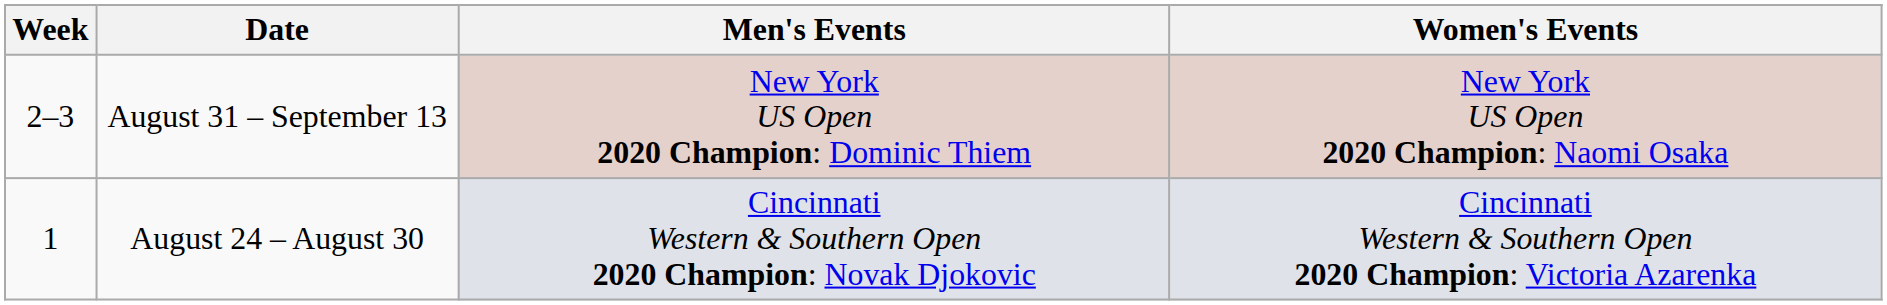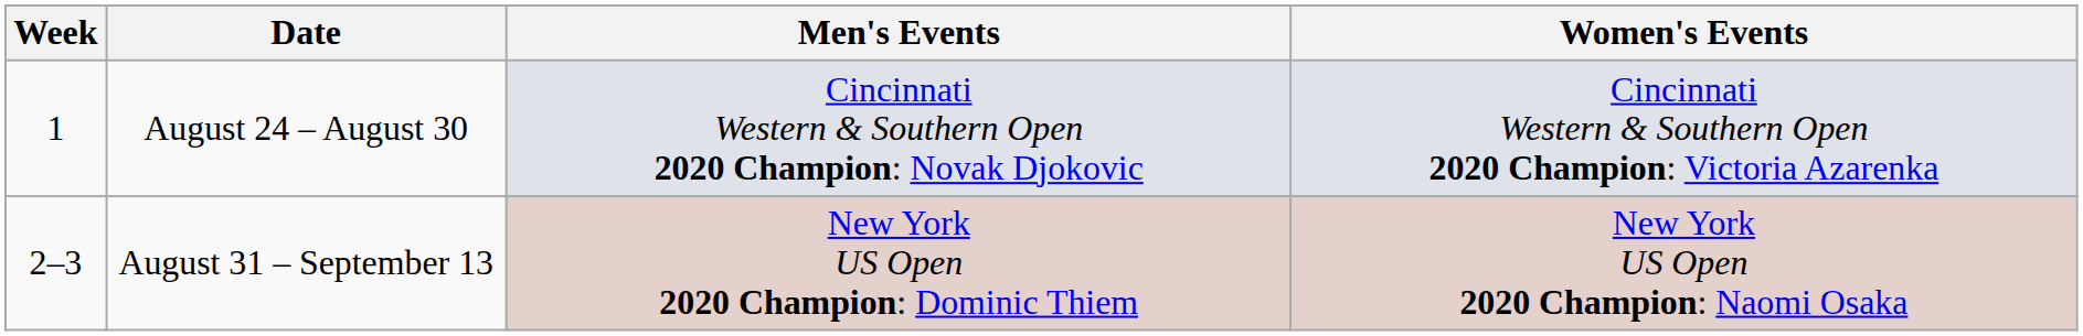 <table class="wikitable">
 <tr>
 <th width=30>Week</th>
 <th width=175>Date</th>
 <th width=350>Men's Events</th>
 <th width=350>Women's Events</th>
 </tr>
 <tr align=center>
+<td>1</td>
+<td>August 24 – August 30</td>
+<td bgcolor="#dfe2e9"><a href='#'>Cincinnati</a><br><em>Western & Southern Open</em><br><strong>2020 Champion</strong>:  <a href='#'>Novak Djokovic</a></td>
+<td bgcolor=#dfe2e9><a href='#'>Cincinnati</a><br><em>Western & Southern Open</em><br><strong>2020 Champion</strong>:  <a href='#'>Victoria Azarenka</a></td>
+</tr>
+<tr align=center>
 <td>2–3</td>
 <td>August 31 – September 13</td>
 <td bgcolor="#e5d1cb"><a href='#'>New York</a><br> <em>US Open</em><br><strong>2020 Champion</strong>:  <a href='#'>Dominic Thiem</a></td>
 <td bgcolor="e5d1cb"><a href='#'>New York</a><br> <em>US Open</em><br><strong>2020 Champion</strong>:  <a href='#'>Naomi Osaka</a></td>
 </tr>
-<tr align=center>
-<td>1</td>
-<td>August 24 – August 30</td>
-<td bgcolor="#dfe2e9"><a href='#'>Cincinnati</a><br><em>Western & Southern Open</em><br><strong>2020 Champion</strong>:  <a href='#'>Novak Djokovic</a></td>
-<td bgcolor=#dfe2e9><a href='#'>Cincinnati</a><br><em>Western & Southern Open</em><br><strong>2020 Champion</strong>:  <a href='#'>Victoria Azarenka</a></td>
-</tr>
 </table>
